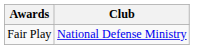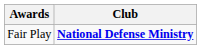 <table class="wikitable" style="font-size: 95%;">
 <tr>
 <th>Awards</th>
 <th>Club</th>
 </tr>
 <tr>
 <td>Fair Play</td>
-<td><a href='#'>National Defense Ministry</a></td>
+<td><strong><a href='#'>National Defense Ministry</a></strong></td>
 </tr>
 </table>
